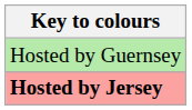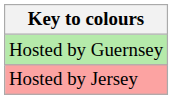 <table class="wikitable">
 <tr>
 <th>Key to colours</th>
 </tr>
 <tr style="background-color:#B5EAAA">
 <td>Hosted by Guernsey</td>
 </tr>
 <tr style="background-color:#FCA3A2">
-<td><strong>Hosted by Jersey</strong></td>
+<td>Hosted by Jersey</td>
 </tr>
 </table>
